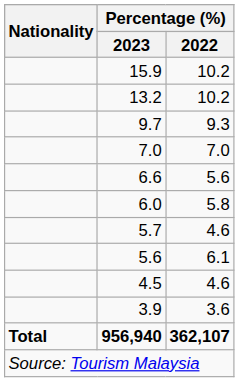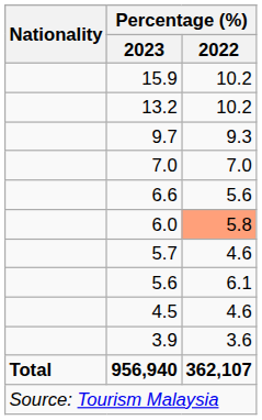 <table class="wikitable sortable" style="font-size:89%; align=center;">
 <tr style="background:darkgrey;">
 <th rowspan="2">Nationality</th>
 <th colspan="2">Percentage (%)</th>
 </tr>
 <tr>
 <th>2023</th>
 <th>2022</th>
 </tr>
 <tr>
 <td></td>
 <td align="right">15.9</td>
 <td align="right">10.2</td>
 </tr>
 <tr>
 <td></td>
 <td align="right">13.2</td>
 <td align="right">10.2</td>
 </tr>
 <tr>
 <td></td>
 <td align="right">9.7</td>
 <td align="right">9.3</td>
 </tr>
 <tr>
 <td></td>
 <td align="right">7.0</td>
 <td align="right">7.0</td>
 </tr>
 <tr>
 <td></td>
 <td align="right">6.6</td>
 <td align="right">5.6</td>
 </tr>
 <tr>
 <td></td>
 <td align="right">6.0</td>
-<td align="right">5.8</td>
+<td align="right" style="background: lightsalmon;">5.8</td>
 </tr>
 <tr>
 <td></td>
 <td align="right">5.7</td>
 <td align="right">4.6</td>
 </tr>
 <tr>
 <td></td>
 <td align="right">5.6</td>
 <td align="right">6.1</td>
 </tr>
 <tr>
 <td></td>
 <td align="right">4.5</td>
 <td align="right">4.6</td>
 </tr>
 <tr>
 <td></td>
 <td align="right">3.9</td>
 <td align="right">3.6</td>
 </tr>
 <tr>
 <td><strong>Total</strong></td>
 <td align="right"><strong>956,940</strong></td>
 <td align="right"><strong>362,107</strong></td>
 </tr>
 <tr>
 <td colspan="3"><em>Source: <a href='#'>Tourism Malaysia</a></em></td>
 </tr>
 </table>
